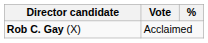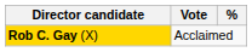 <table class="wikitable">
 <tr>
 <th width="200px">Director candidate</th>
 <th width="50px">Vote</th>
 <th width="30px">%</th>
 </tr>
 <tr>
-<td><strong>Rob C. Gay</strong> (X) </td>
+<td style="background: gold;"><strong>Rob C. Gay</strong> (X) </td>
 <td colspan="2">Acclaimed</td>
 </tr>
 </table>
